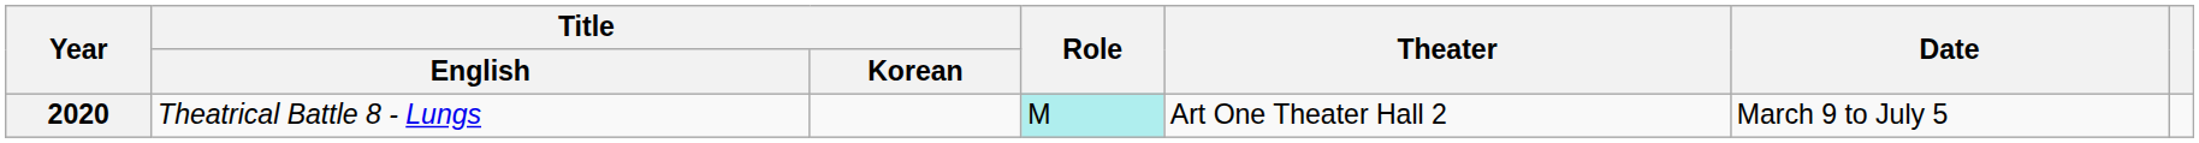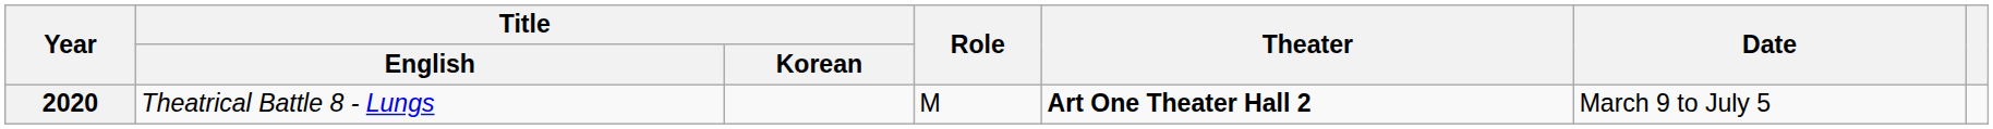 <table class="wikitable sortable plainrowheaders" style="clear:none; font-size:100%; padding:0 auto; width:100%; margin:auto">
 <tr>
 <th rowspan="2" scope="col">Year</th>
 <th colspan="2" scope="col">Title</th>
 <th rowspan="2" scope="col">Role</th>
 <th rowspan="2" scope="col">Theater</th>
 <th rowspan="2" scope="col">Date</th>
 <th rowspan="2" scope="col" class="unsortable"></th>
 </tr>
 <tr>
 <th>English</th>
 <th>Korean</th>
 </tr>
 <tr>
 <th scope="row">2020</th>
 <td><em>Theatrical Battle 8 - <a href='#'>Lungs</a></em></td>
 <td></td>
-<td style="background: paleturquoise;">M</td>
-<td>Art One Theater Hall 2</td>
+<td>M</td>
+<td><strong>Art One Theater Hall 2</strong></td>
 <td>March 9 to July 5</td>
 <td></td>
 </tr>
 </table>
